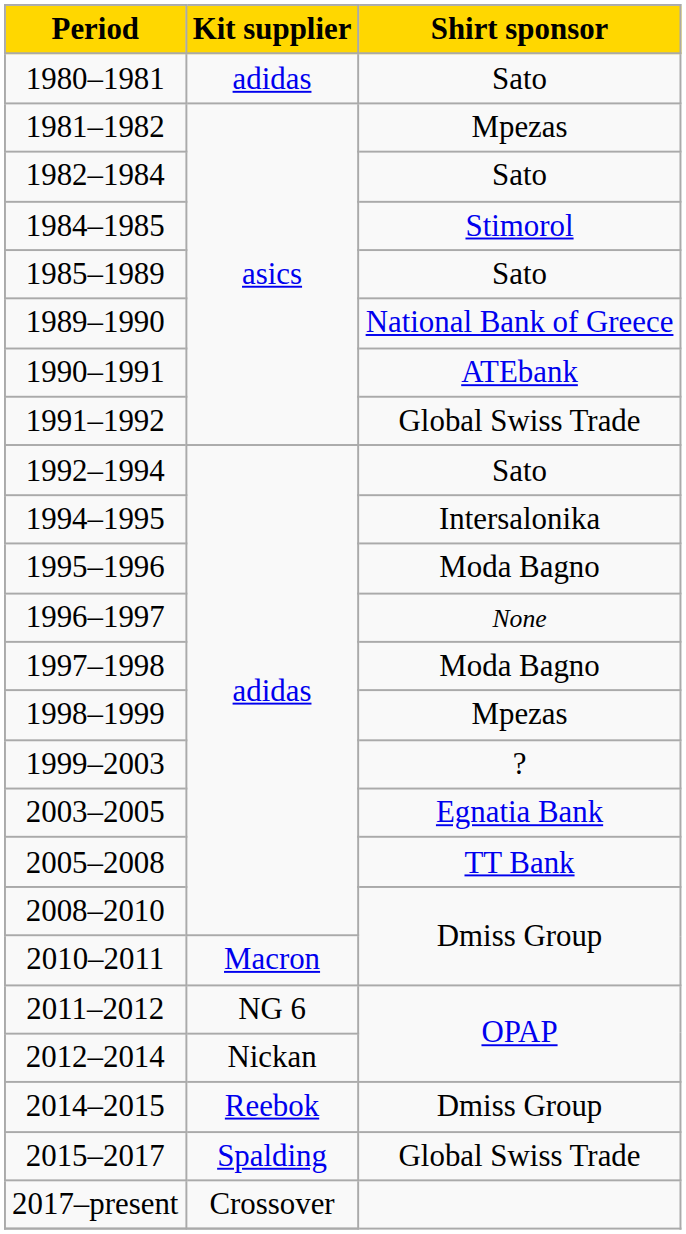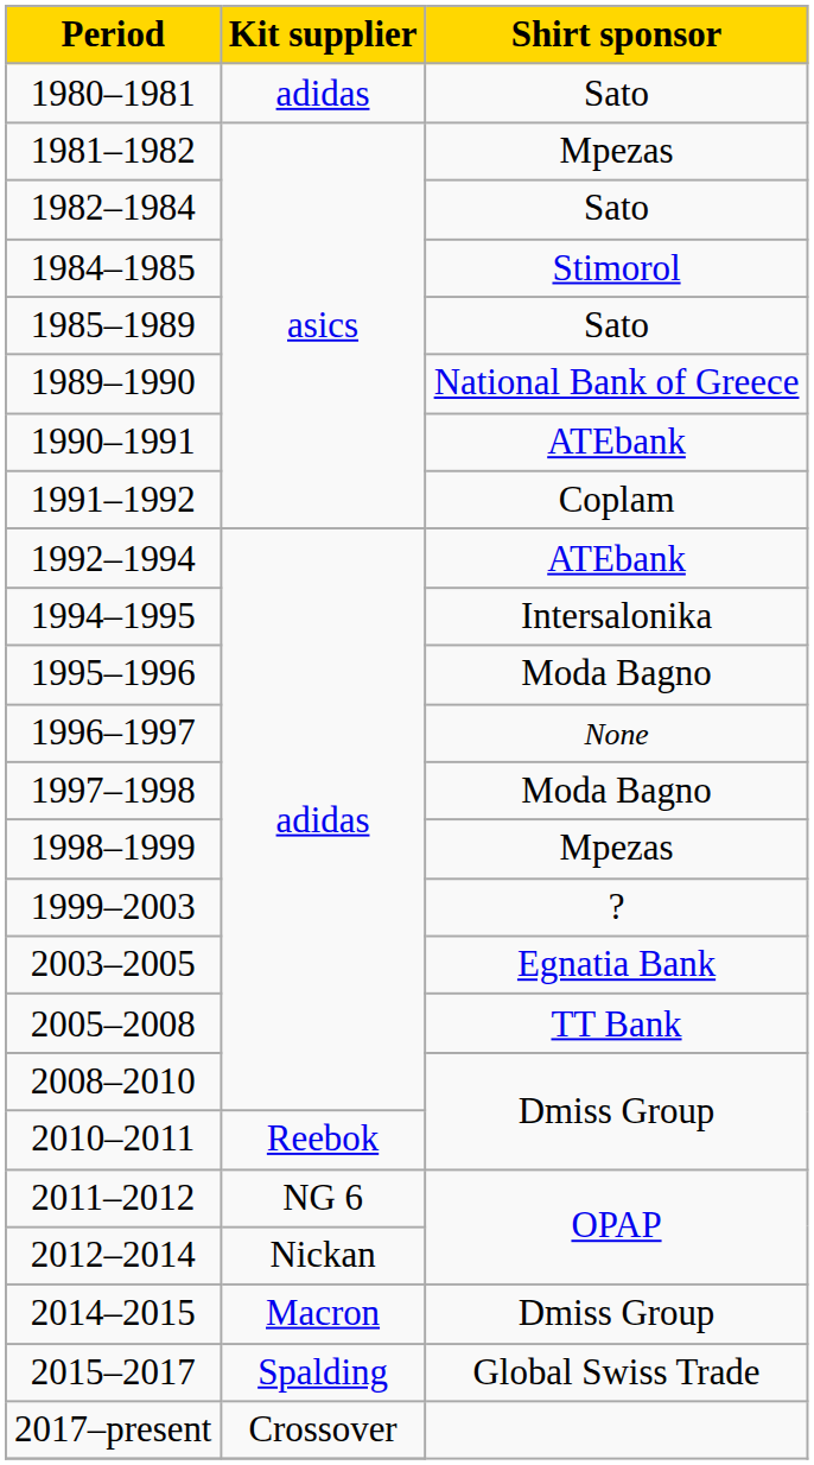 <table class="wikitable" style="text-align: center">
 <tr>
 <th style="color:#000; background:#FFD700;">Period</th>
 <th style="color:#000; background:#FFD700">Kit supplier</th>
 <th style="color:#000; background:#FFD700;">Shirt sponsor</th>
 </tr>
 <tr>
 <td>1980–1981</td>
 <td><a href='#'>adidas</a></td>
 <td>Sato</td>
 </tr>
 <tr>
 <td>1981–1982</td>
 <td rowspan=7><a href='#'>asics</a></td>
 <td>Mpezas</td>
 </tr>
 <tr>
 <td>1982–1984</td>
 <td>Sato</td>
 </tr>
 <tr>
 <td>1984–1985</td>
 <td><a href='#'>Stimorol</a></td>
 </tr>
 <tr>
 <td>1985–1989</td>
 <td>Sato</td>
 </tr>
 <tr>
 <td>1989–1990</td>
 <td><a href='#'>National Bank of Greece</a></td>
 </tr>
 <tr>
 <td>1990–1991</td>
 <td><a href='#'>ATEbank</a></td>
 </tr>
 <tr>
 <td>1991–1992</td>
-<td>Global Swiss Trade</td>
+<td>Coplam</td>
 </tr>
 <tr>
 <td>1992–1994</td>
 <td rowspan=10><a href='#'>adidas</a></td>
-<td>Sato</td>
+<td><a href='#'>ATEbank</a></td>
 </tr>
 <tr>
 <td>1994–1995</td>
 <td>Intersalonika</td>
 </tr>
 <tr>
 <td>1995–1996</td>
 <td>Moda Bagno</td>
 </tr>
 <tr>
 <td>1996–1997</td>
 <td><small><em>None</em></small></td>
 </tr>
 <tr>
 <td>1997–1998</td>
 <td>Moda Bagno</td>
 </tr>
 <tr>
 <td>1998–1999</td>
 <td>Mpezas</td>
 </tr>
 <tr>
 <td>1999–2003</td>
 <td>?</td>
 </tr>
 <tr>
 <td>2003–2005</td>
 <td><a href='#'>Egnatia Bank</a></td>
 </tr>
 <tr>
 <td>2005–2008</td>
 <td><a href='#'>TT Bank</a></td>
 </tr>
 <tr>
 <td>2008–2010</td>
 <td rowspan=2>Dmiss Group</td>
 </tr>
 <tr>
 <td>2010–2011</td>
-<td><a href='#'>Macron</a></td>
+<td><a href='#'>Reebok</a></td>
 </tr>
 <tr>
 <td>2011–2012</td>
 <td>NG 6</td>
 <td rowspan=2><a href='#'>OPAP</a></td>
 </tr>
 <tr>
 <td>2012–2014</td>
 <td>Nickan</td>
 </tr>
 <tr>
 <td>2014–2015</td>
-<td><a href='#'>Reebok</a></td>
+<td><a href='#'>Macron</a></td>
 <td>Dmiss Group</td>
 </tr>
 <tr>
 <td>2015–2017</td>
 <td><a href='#'>Spalding</a></td>
 <td>Global Swiss Trade</td>
 </tr>
 <tr>
 <td>2017–present</td>
 <td>Crossover</td>
 </tr>
 <tr>
 </tr>
 </table>
